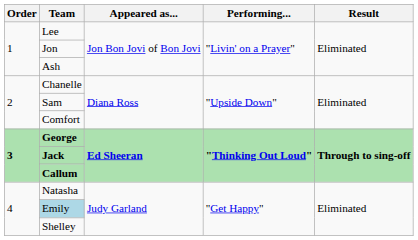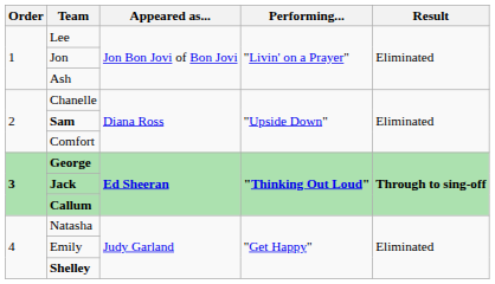 <table class="wikitable">
 <tr>
 <th>Order</th>
 <th>Team</th>
 <th>Appeared as...</th>
 <th>Performing...</th>
 <th>Result</th>
 </tr>
 <tr>
 <td rowspan="3">1</td>
 <td>Lee</td>
 <td rowspan="3"><a href='#'>Jon Bon Jovi</a> of <a href='#'>Bon Jovi</a></td>
 <td rowspan="3">"<a href='#'>Livin' on a Prayer</a>"</td>
 <td rowspan="3">Eliminated</td>
 </tr>
 <tr>
 <td>Jon</td>
 </tr>
 <tr>
 <td>Ash</td>
 </tr>
 <tr>
 <td rowspan="3">2</td>
 <td>Chanelle</td>
 <td rowspan="3"><a href='#'>Diana Ross</a></td>
 <td rowspan="3">"<a href='#'>Upside Down</a>"</td>
 <td rowspan="3">Eliminated</td>
 </tr>
 <tr>
-<td>Sam</td>
+<td><strong>Sam</strong></td>
 </tr>
 <tr>
 <td>Comfort</td>
 </tr>
 <tr style="background:#ACE1AF;">
 <td rowspan="3"><strong>3</strong></td>
 <td><strong>George</strong></td>
 <td rowspan="3"><strong><a href='#'>Ed Sheeran</a></strong></td>
 <td rowspan="3"><strong>"<a href='#'>Thinking Out Loud</a>"</strong></td>
 <td rowspan="3"><strong>Through to sing-off</strong></td>
 </tr>
 <tr>
 <td style="background:#ACE1AF;"><strong>Jack</strong></td>
 </tr>
 <tr>
 <td style="background:#ACE1AF;"><strong>Callum</strong></td>
 </tr>
 <tr>
 <td rowspan="3">4</td>
 <td>Natasha</td>
 <td rowspan="3"><a href='#'>Judy Garland</a></td>
 <td rowspan="3">"<a href='#'>Get Happy</a>"</td>
 <td rowspan="3">Eliminated</td>
 </tr>
 <tr>
-<td style="background: lightblue;">Emily</td>
+<td>Emily</td>
 </tr>
 <tr>
-<td>Shelley</td>
+<td><strong>Shelley</strong></td>
 </tr>
 </table>
